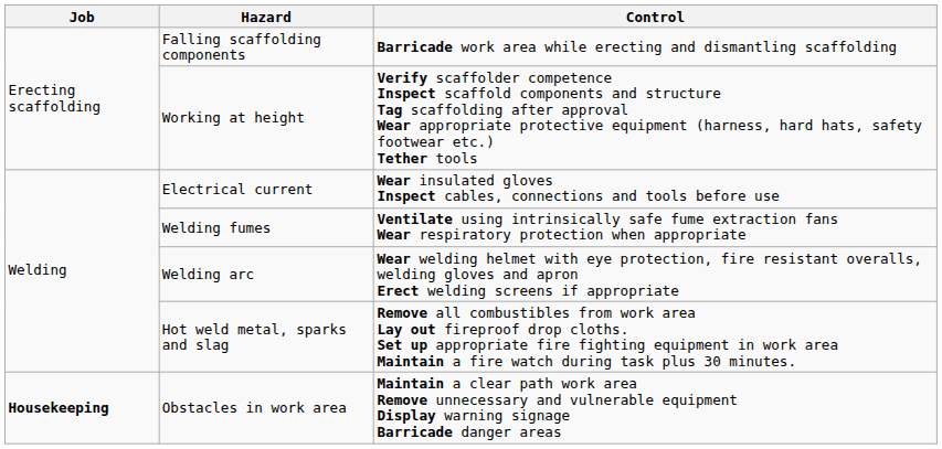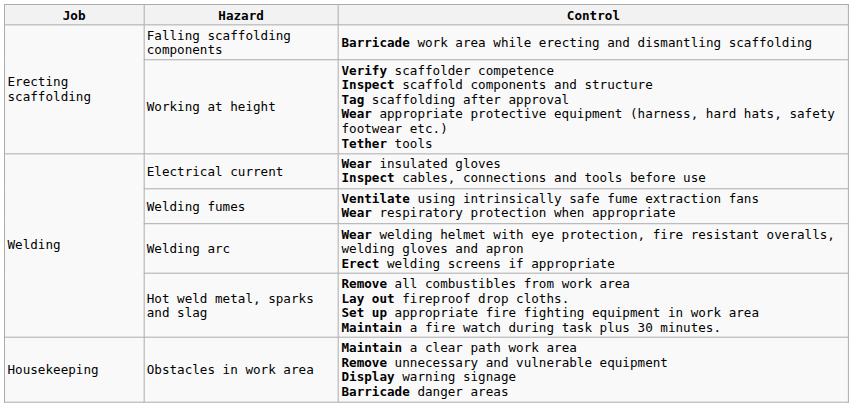 <table class="wikitable">
 <tr>
 <th>Job</th>
 <th>Hazard</th>
 <th>Control</th>
 </tr>
 <tr>
 <td rowspan="2">Erecting scaffolding</td>
 <td>Falling scaffolding components</td>
 <td><strong>Barricade</strong> work area while erecting and dismantling scaffolding</td>
 </tr>
 <tr>
 <td>Working at height</td>
 <td><strong>Verify</strong> scaffolder competence<br> <strong>Inspect</strong> scaffold components and structure<br> <strong>Tag</strong> scaffolding after approval <br> <strong>Wear</strong> appropriate protective equipment (harness, hard hats, safety footwear etc.) <br> <strong>Tether</strong> tools</td>
 </tr>
 <tr>
 <td rowspan="4">Welding</td>
 <td>Electrical current</td>
 <td><strong>Wear</strong> insulated gloves<br> <strong>Inspect</strong> cables, connections and tools before use</td>
 </tr>
 <tr>
 <td>Welding fumes</td>
 <td><strong>Ventilate</strong> using intrinsically safe fume extraction fans <br> <strong>Wear</strong> respiratory protection when appropriate</td>
 </tr>
 <tr>
 <td>Welding arc</td>
 <td><strong>Wear</strong> welding helmet with eye protection, fire resistant overalls, welding gloves and apron<br><strong>Erect</strong> welding screens if appropriate</td>
 </tr>
 <tr>
 <td>Hot weld metal, sparks and slag</td>
 <td><strong>Remove</strong> all combustibles from work area<br> <strong>Lay out</strong> fireproof drop cloths.<br> <strong>Set up</strong> appropriate fire fighting equipment in work area <br><strong>Maintain</strong> a fire watch during task plus 30 minutes.</td>
 </tr>
 <tr>
-<td><strong>Housekeeping</strong></td>
+<td>Housekeeping</td>
 <td>Obstacles in work area</td>
 <td><strong>Maintain</strong> a clear path work area<br> <strong>Remove</strong> unnecessary and vulnerable equipment <br> <strong>Display</strong> warning signage <br><strong>Barricade</strong> danger areas</td>
 </tr>
 </table>
